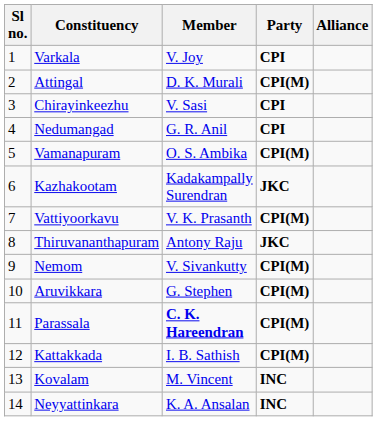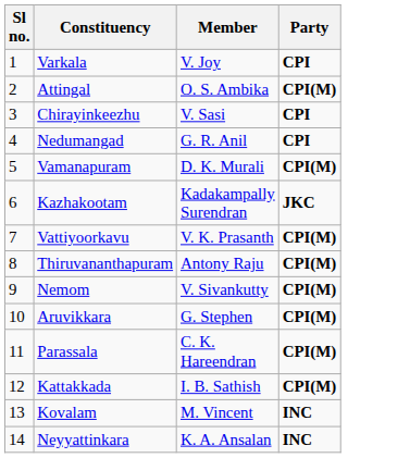 <table class="wikitable sortable" style="font-size:98%;">
 <tr>
 <th width="20px">Sl no.</th>
 <th width="75px">Constituency</th>
 <th width="85px">Member</th>
 <th width="35px">Party</th>
-<th width="35px">Alliance</th>
 </tr>
 <tr>
 <td>1</td>
 <td><a href='#'>Varkala</a></td>
 <td><a href='#'>V. Joy</a></td>
 <td style="background:"><strong>CPI</strong></td>
-<td></td>
 </tr>
 <tr>
 <td>2</td>
 <td><a href='#'>Attingal</a></td>
-<td><a href='#'>D. K. Murali</a></td>
+<td><a href='#'>O. S. Ambika</a></td>
 <td style="background:"><strong>CPI(M)</strong></td>
-<td></td>
 </tr>
 <tr>
 <td>3</td>
 <td><a href='#'>Chirayinkeezhu</a></td>
 <td><a href='#'>V. Sasi</a></td>
 <td style="background:"><strong>CPI</strong></td>
-<td></td>
 </tr>
 <tr>
 <td>4</td>
 <td><a href='#'>Nedumangad</a></td>
 <td><a href='#'>G. R. Anil</a></td>
 <td style="background:"><strong>CPI</strong></td>
-<td></td>
 </tr>
 <tr>
 <td>5</td>
 <td><a href='#'>Vamanapuram</a></td>
-<td><a href='#'>O. S. Ambika</a></td>
+<td><a href='#'>D. K. Murali</a></td>
 <td style="background:"><strong>CPI(M)</strong></td>
-<td></td>
 </tr>
 <tr>
 <td>6</td>
 <td><a href='#'>Kazhakootam</a></td>
 <td><a href='#'>Kadakampally Surendran</a></td>
 <td style="background-color:"><strong>JKC</strong></td>
-<td></td>
 </tr>
 <tr>
 <td>7</td>
 <td><a href='#'>Vattiyoorkavu</a></td>
 <td><a href='#'>V. K. Prasanth</a></td>
 <td style="background:"><strong>CPI(M)</strong></td>
-<td></td>
 </tr>
 <tr>
 <td>8</td>
 <td><a href='#'>Thiruvananthapuram</a></td>
 <td><a href='#'>Antony Raju</a></td>
-<td style="background-color:"><strong>JKC</strong></td>
-<td></td>
+<td style="background-color:"><strong>CPI(M)</strong></td>
 </tr>
 <tr>
 <td>9</td>
 <td><a href='#'>Nemom</a></td>
 <td><a href='#'>V. Sivankutty</a></td>
 <td style="background-color:"><strong>CPI(M)</strong></td>
-<td></td>
 </tr>
 <tr>
 <td>10</td>
 <td><a href='#'>Aruvikkara</a></td>
 <td><a href='#'>G. Stephen</a></td>
 <td style="background-color:"><strong>CPI(M)</strong></td>
-<td></td>
 </tr>
 <tr>
 <td>11</td>
 <td><a href='#'>Parassala</a></td>
-<td><strong><a href='#'>C. K. Hareendran</a></strong></td>
+<td><a href='#'>C. K. Hareendran</a></td>
 <td style="background:"><strong>CPI(M)</strong></td>
-<td></td>
 </tr>
 <tr>
 <td>12</td>
 <td><a href='#'>Kattakkada</a></td>
 <td><a href='#'>I. B. Sathish</a></td>
 <td style="background:"><strong>CPI(M)</strong></td>
-<td></td>
 </tr>
 <tr>
 <td>13</td>
 <td><a href='#'>Kovalam</a></td>
 <td><a href='#'>M. Vincent</a></td>
 <td style="background-color:"><strong>INC</strong></td>
-<td></td>
 </tr>
 <tr>
 <td>14</td>
 <td><a href='#'>Neyyattinkara</a></td>
 <td><a href='#'>K. A. Ansalan</a></td>
 <td style="background-color:"><strong>INC</strong></td>
-<td></td>
 </tr>
 </table>
